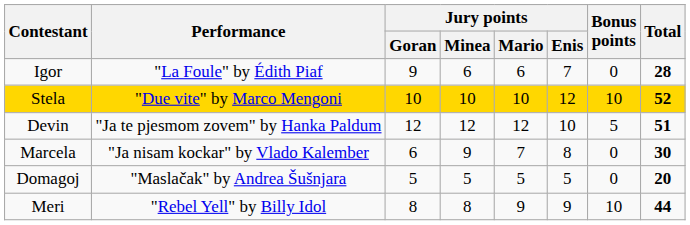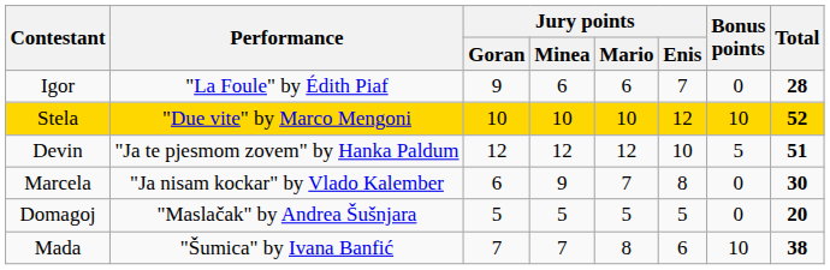 <table class="wikitable sortable" style="text-align: center;">
 <tr>
 <th rowspan="2">Contestant</th>
 <th rowspan="2">Performance</th>
 <th colspan="4">Jury points</th>
 <th rowspan="2">Bonus<br>points</th>
 <th rowspan="2">Total</th>
 </tr>
 <tr>
 <th>Goran</th>
 <th>Minea</th>
 <th>Mario</th>
 <th>Enis</th>
 </tr>
 <tr>
 <td>Igor</td>
 <td>"<a href='#'>La Foule</a>" by <a href='#'>Édith Piaf</a></td>
 <td>9</td>
 <td>6</td>
 <td>6</td>
 <td>7</td>
 <td>0</td>
 <td><strong>28</strong></td>
 </tr>
 <tr style="background-color:gold;">
 <td>Stela</td>
 <td>"<a href='#'>Due vite</a>" by <a href='#'>Marco Mengoni</a></td>
 <td>10</td>
 <td>10</td>
 <td>10</td>
 <td>12</td>
 <td>10</td>
 <td><strong>52</strong></td>
 </tr>
 <tr>
 <td>Devin</td>
 <td>"Ja te pjesmom zovem" by <a href='#'>Hanka Paldum</a></td>
 <td>12</td>
 <td>12</td>
 <td>12</td>
 <td>10</td>
 <td>5</td>
 <td><strong>51</strong></td>
 </tr>
 <tr>
 <td>Marcela</td>
 <td>"Ja nisam kockar" by <a href='#'>Vlado Kalember</a></td>
 <td>6</td>
 <td>9</td>
 <td>7</td>
 <td>8</td>
 <td>0</td>
 <td><strong>30</strong></td>
 </tr>
 <tr>
 <td>Domagoj</td>
 <td>"Maslačak" by <a href='#'>Andrea Šušnjara</a></td>
 <td>5</td>
 <td>5</td>
 <td>5</td>
 <td>5</td>
 <td>0</td>
 <td><strong>20</strong></td>
 </tr>
 <tr>
-<td>Meri</td>
-<td>"<a href='#'>Rebel Yell</a>" by <a href='#'>Billy Idol</a></td>
+<td>Mada</td>
+<td>"Šumica" by <a href='#'>Ivana Banfić</a></td>
+<td>7</td>
+<td>7</td>
 <td>8</td>
-<td>8</td>
-<td>9</td>
-<td>9</td>
+<td>6</td>
 <td>10</td>
-<td><strong>44</strong></td>
+<td><strong>38</strong></td>
 </tr>
 </table>
